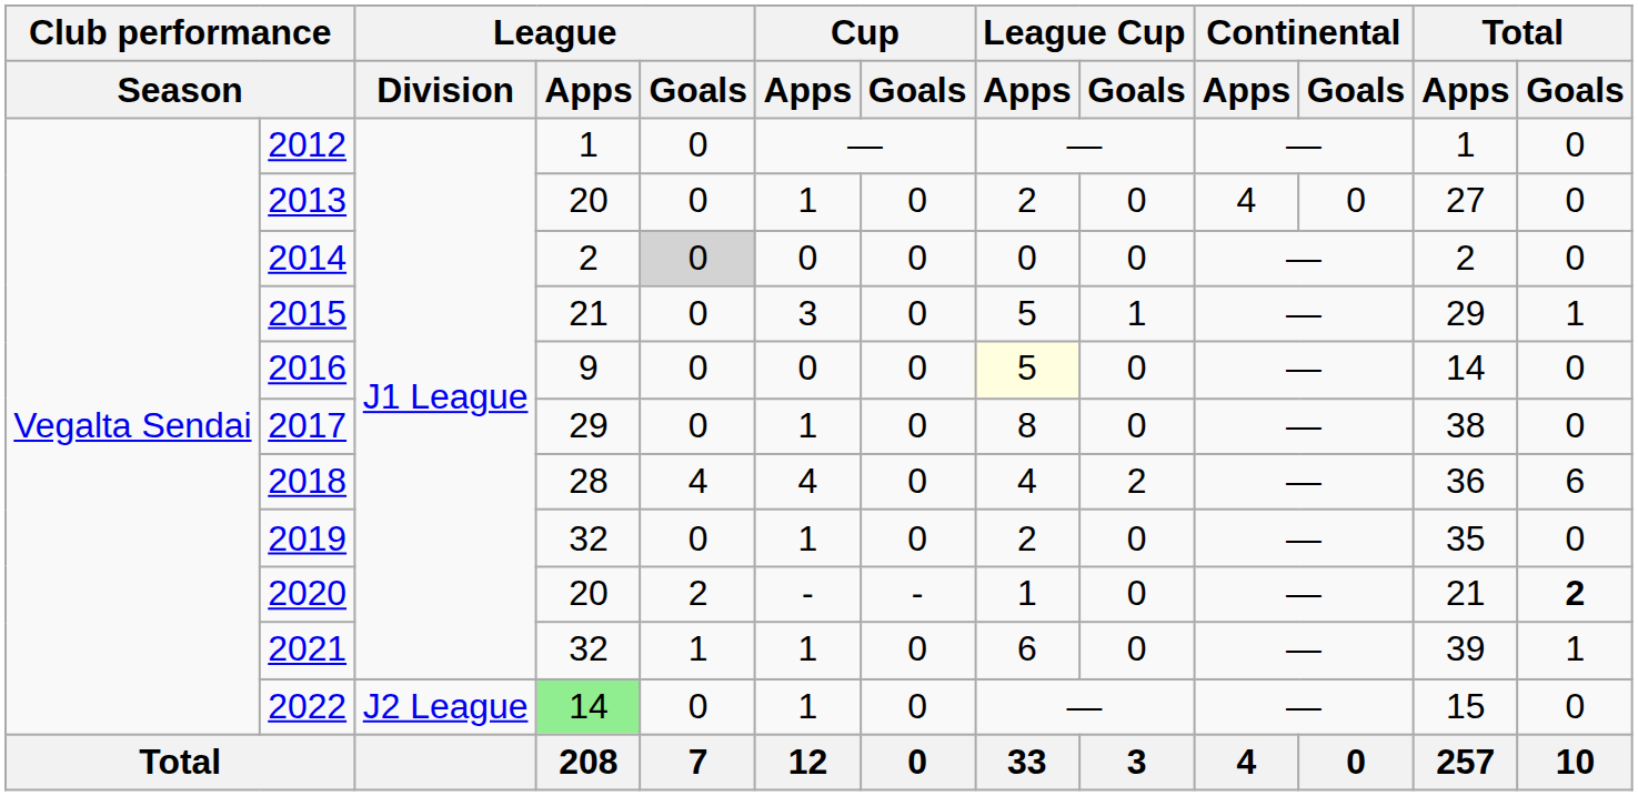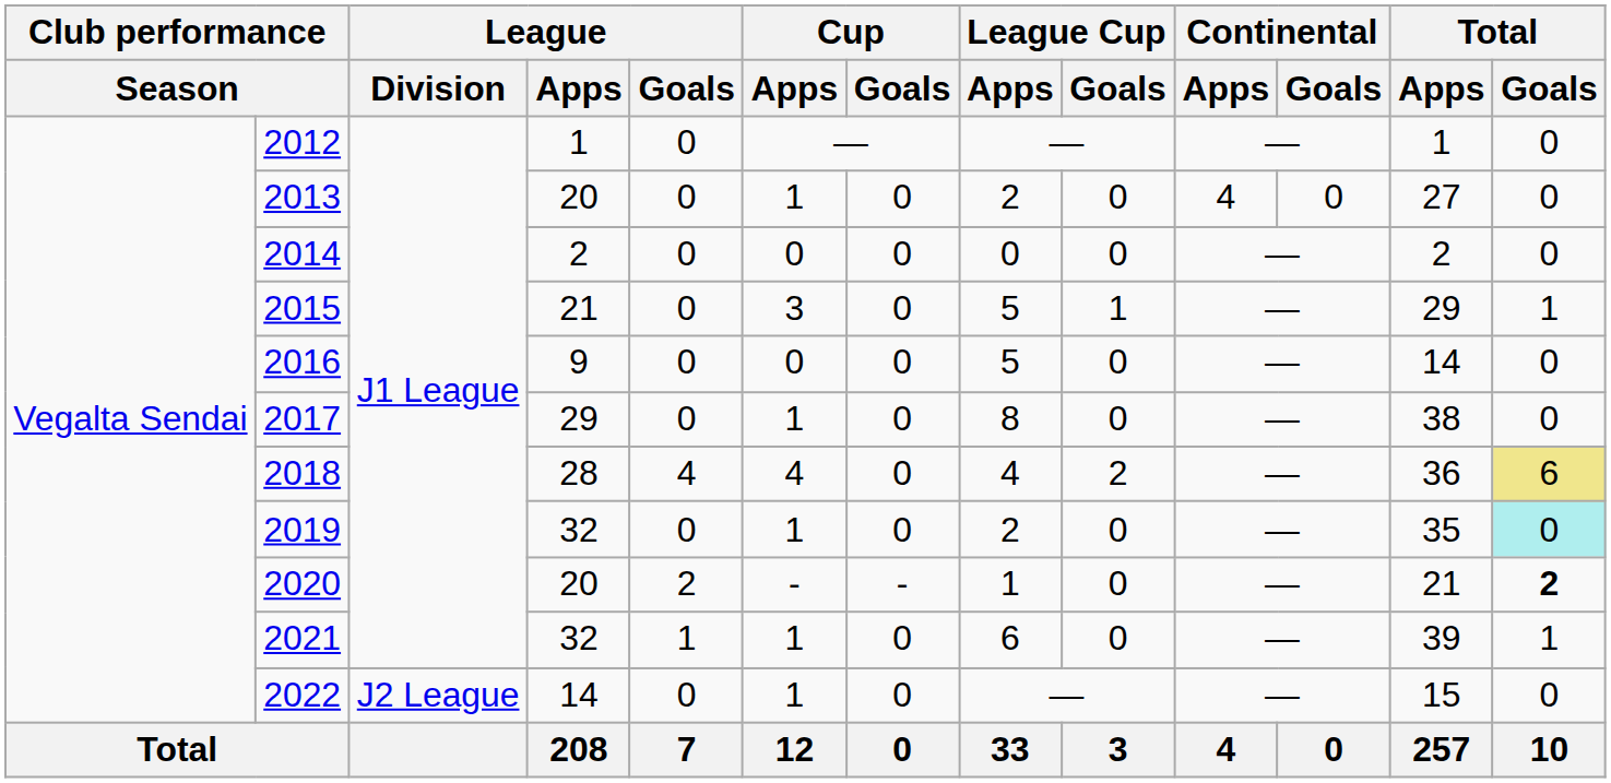 <table class="wikitable" style="text-align:center;">
 <tr>
 <th colspan=2>Club performance</th>
 <th colspan="3">League</th>
 <th colspan=2>Cup</th>
 <th colspan=2>League Cup</th>
 <th colspan=2>Continental</th>
 <th colspan=2>Total</th>
 </tr>
 <tr>
 <th colspan=2>Season</th>
 <th>Division</th>
 <th>Apps</th>
 <th>Goals</th>
 <th>Apps</th>
 <th>Goals</th>
 <th>Apps</th>
 <th>Goals</th>
 <th>Apps</th>
 <th>Goals</th>
 <th>Apps</th>
 <th>Goals</th>
 </tr>
 <tr>
 <td rowspan="11"><a href='#'>Vegalta Sendai</a></td>
 <td><a href='#'>2012</a></td>
 <td rowspan="10"><a href='#'>J1 League</a></td>
 <td>1</td>
 <td>0</td>
 <td colspan="2">—</td>
 <td colspan="2">—</td>
 <td colspan="2">—</td>
 <td>1</td>
 <td>0</td>
 </tr>
 <tr>
 <td><a href='#'>2013</a></td>
 <td>20</td>
 <td>0</td>
 <td>1</td>
 <td>0</td>
 <td>2</td>
 <td>0</td>
 <td>4</td>
 <td>0</td>
 <td>27</td>
 <td>0</td>
 </tr>
 <tr>
 <td><a href='#'>2014</a></td>
 <td>2</td>
-<td style="background: lightgrey;">0</td>
+<td>0</td>
 <td>0</td>
 <td>0</td>
 <td>0</td>
 <td>0</td>
 <td colspan="2">—</td>
 <td>2</td>
 <td>0</td>
 </tr>
 <tr>
 <td><a href='#'>2015</a></td>
 <td>21</td>
 <td>0</td>
 <td>3</td>
 <td>0</td>
 <td>5</td>
 <td>1</td>
 <td colspan="2">—</td>
 <td>29</td>
 <td>1</td>
 </tr>
 <tr>
 <td><a href='#'>2016</a></td>
 <td>9</td>
 <td>0</td>
 <td>0</td>
 <td>0</td>
-<td style="background: lightyellow;">5</td>
+<td>5</td>
 <td>0</td>
 <td colspan="2">—</td>
 <td>14</td>
 <td>0</td>
 </tr>
 <tr>
 <td><a href='#'>2017</a></td>
 <td>29</td>
 <td>0</td>
 <td>1</td>
 <td>0</td>
 <td>8</td>
 <td>0</td>
 <td colspan="2">—</td>
 <td>38</td>
 <td>0</td>
 </tr>
 <tr>
 <td><a href='#'>2018</a></td>
 <td>28</td>
 <td>4</td>
 <td>4</td>
 <td>0</td>
 <td>4</td>
 <td>2</td>
 <td colspan="2">—</td>
 <td>36</td>
-<td>6</td>
+<td style="background: khaki;">6</td>
 </tr>
 <tr>
 <td><a href='#'>2019</a></td>
 <td>32</td>
 <td>0</td>
 <td>1</td>
 <td>0</td>
 <td>2</td>
 <td>0</td>
 <td colspan="2">—</td>
 <td>35</td>
-<td>0</td>
+<td style="background: paleturquoise;">0</td>
 </tr>
 <tr>
 <td><a href='#'>2020</a></td>
 <td>20</td>
 <td>2</td>
 <td>-</td>
 <td>-</td>
 <td>1</td>
 <td>0</td>
 <td colspan="2">—</td>
 <td>21</td>
 <td><strong>2</strong></td>
 </tr>
 <tr>
 <td><a href='#'>2021</a></td>
 <td>32</td>
 <td>1</td>
 <td>1</td>
 <td>0</td>
 <td>6</td>
 <td>0</td>
 <td colspan="2">—</td>
 <td>39</td>
 <td>1</td>
 </tr>
 <tr>
 <td><a href='#'>2022</a></td>
 <td><a href='#'>J2 League</a></td>
-<td style="background: lightgreen;">14</td>
+<td>14</td>
 <td>0</td>
 <td>1</td>
 <td>0</td>
 <td colspan="2">—</td>
 <td colspan="2">—</td>
 <td>15</td>
 <td>0</td>
 </tr>
 <tr>
 <th colspan=2>Total</th>
 <th></th>
 <th>208</th>
 <th>7</th>
 <th>12</th>
 <th>0</th>
 <th>33</th>
 <th>3</th>
 <th>4</th>
 <th>0</th>
 <th>257</th>
 <th>10</th>
 </tr>
 </table>
